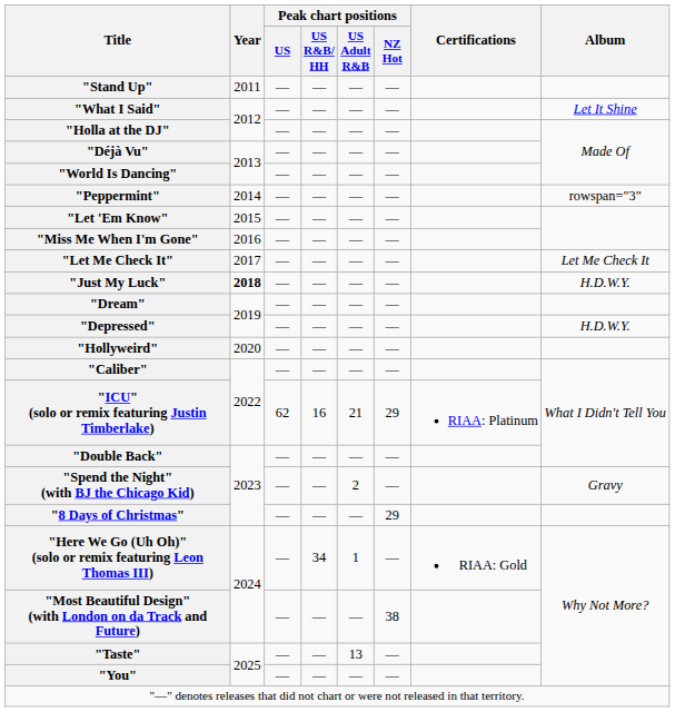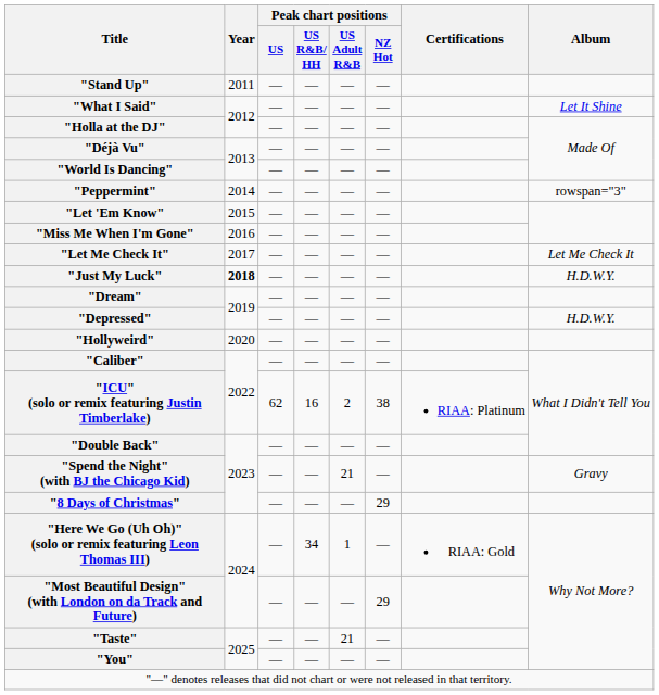 <table class="wikitable plainrowheaders" style="text-align:center;" border="1">
 <tr>
 <th scope="col" rowspan="2" style="width:16em;">Title</th>
 <th scope="col" rowspan="2">Year</th>
 <th scope="col" colspan="4">Peak chart positions</th>
 <th scope="col" rowspan="2">Certifications</th>
 <th scope="col" rowspan="2">Album</th>
 </tr>
 <tr>
 <th scope="col" style="width:2.5em;font-size:90%;"><a href='#'>US</a><br></th>
 <th scope="col" style="width:2.5em;font-size:90%;"><a href='#'>US<br>R&B/<br>HH</a><br></th>
 <th scope="col" style="width:2.5em;font-size:90%;"><a href='#'>US<br>Adult R&B</a><br></th>
 <th scope="col" style="width:2.5em;font-size:90%;"><a href='#'>NZ<br>Hot</a><br></th>
 </tr>
 <tr>
 <th scope="row">"Stand Up"</th>
 <td>2011</td>
 <td>—</td>
 <td>—</td>
 <td>—</td>
 <td>—</td>
 <td></td>
 <td></td>
 </tr>
 <tr>
 <th scope="row">"What I Said"</th>
 <td rowspan="2">2012</td>
 <td>—</td>
 <td>—</td>
 <td>—</td>
 <td>—</td>
 <td></td>
 <td><em><a href='#'>Let It Shine</a></em></td>
 </tr>
 <tr>
 <th scope="row">"Holla at the DJ"</th>
 <td>—</td>
 <td>—</td>
 <td>—</td>
 <td>—</td>
 <td></td>
 <td rowspan="3"><em>Made Of</em></td>
 </tr>
 <tr>
 <th scope="row">"Déjà Vu"</th>
 <td rowspan="2">2013</td>
 <td>—</td>
 <td>—</td>
 <td>—</td>
 <td>—</td>
 <td></td>
 </tr>
 <tr>
 <th scope="row">"World Is Dancing"</th>
 <td>—</td>
 <td>—</td>
 <td>—</td>
 <td>—</td>
 <td></td>
 </tr>
 <tr>
 <th scope="row">"Peppermint"</th>
 <td>2014</td>
 <td>—</td>
 <td>—</td>
 <td>—</td>
 <td>—</td>
 <td></td>
 <td>rowspan="3" </td>
 </tr>
 <tr>
 <th scope="row">"Let 'Em Know"</th>
 <td>2015</td>
 <td>—</td>
 <td>—</td>
 <td>—</td>
 <td>—</td>
 <td></td>
 </tr>
 <tr>
 <th scope="row">"Miss Me When I'm Gone"</th>
 <td>2016</td>
 <td>—</td>
 <td>—</td>
 <td>—</td>
 <td>—</td>
 <td></td>
 </tr>
 <tr>
 <th scope="row">"Let Me Check It"</th>
 <td>2017</td>
 <td>—</td>
 <td>—</td>
 <td>—</td>
 <td>—</td>
 <td></td>
 <td><em>Let Me Check It</em></td>
 </tr>
 <tr>
 <th scope="row">"Just My Luck"</th>
 <td><strong>2018</strong></td>
 <td>—</td>
 <td>—</td>
 <td>—</td>
 <td>—</td>
 <td></td>
 <td><em>H.D.W.Y.</em></td>
 </tr>
 <tr>
 <th scope="row">"Dream"</th>
 <td rowspan="2">2019</td>
 <td>—</td>
 <td>—</td>
 <td>—</td>
 <td>—</td>
 <td></td>
 <td></td>
 </tr>
 <tr>
 <th scope="row">"Depressed"</th>
 <td>—</td>
 <td>—</td>
 <td>—</td>
 <td>—</td>
 <td></td>
 <td><em>H.D.W.Y.</em></td>
 </tr>
 <tr>
 <th scope="row">"Hollyweird"</th>
 <td>2020</td>
 <td>—</td>
 <td>—</td>
 <td>—</td>
 <td>—</td>
 <td></td>
 <td></td>
 </tr>
 <tr>
 <th scope="row">"Caliber"</th>
 <td rowspan="2">2022</td>
 <td>—</td>
 <td>—</td>
 <td>—</td>
 <td>—</td>
 <td></td>
 <td rowspan="3"><em>What I Didn't Tell You</em></td>
 </tr>
 <tr>
 <th scope="row">"<a href='#'>ICU</a>"<br><span>(solo or remix featuring <a href='#'>Justin Timberlake</a>)</span></th>
 <td>62</td>
 <td>16</td>
-<td>21</td>
-<td>29</td>
+<td>2</td>
+<td>38</td>
 <td><br><ul><li><a href='#'>RIAA</a>: Platinum</li></ul></td>
 </tr>
 <tr>
 <th scope="row">"Double Back"</th>
 <td rowspan="3">2023</td>
 <td>—</td>
 <td>—</td>
 <td>—</td>
 <td>—</td>
 <td></td>
 </tr>
 <tr>
 <th scope="row">"Spend the Night"<br><span>(with <a href='#'>BJ the Chicago Kid</a>)</span></th>
 <td>—</td>
 <td>—</td>
-<td>2</td>
+<td>21</td>
 <td>—</td>
 <td></td>
 <td><em>Gravy</em></td>
 </tr>
 <tr>
 <th scope="row">"<a href='#'>8 Days of Christmas</a>"</th>
 <td>—</td>
 <td>—</td>
 <td>—</td>
 <td>29</td>
 <td></td>
 <td></td>
 </tr>
 <tr>
 <th scope="row">"Here We Go (Uh Oh)"<br><span>(solo or remix featuring <a href='#'>Leon Thomas III</a>)</span></th>
 <td rowspan="2">2024</td>
 <td>—</td>
 <td>34</td>
 <td>1</td>
 <td>—</td>
 <td><br><ul><li>RIAA: Gold</li></ul></td>
 <td rowspan="4"><em>Why Not More?</em></td>
 </tr>
 <tr>
 <th scope="row">"Most Beautiful Design"<br><span>(with <a href='#'>London on da Track</a> and <a href='#'>Future</a>)</span></th>
 <td>—</td>
 <td>—</td>
 <td>—</td>
-<td>38</td>
+<td>29</td>
 <td></td>
 </tr>
 <tr>
 <th scope="row">"Taste"</th>
 <td rowspan="2">2025</td>
 <td>—</td>
 <td>—</td>
-<td>13</td>
+<td>21</td>
 <td>—</td>
 <td></td>
 </tr>
 <tr>
 <th scope="row">"You"</th>
 <td>—</td>
 <td>—</td>
 <td>—</td>
 <td>—</td>
 <td></td>
 </tr>
 <tr>
 <td colspan="8" style="font-size:90%;">"—" denotes releases that did not chart or were not released in that territory.</td>
 </tr>
 </table>
